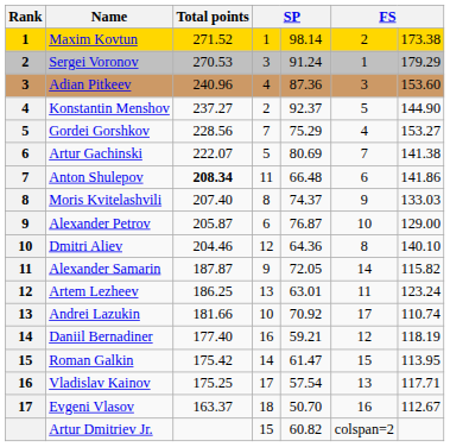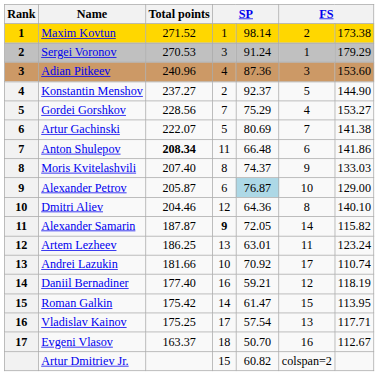 <table class="wikitable sortable">
 <tr>
 <th>Rank</th>
 <th>Name</th>
 <th>Total points</th>
 <th colspan="2" width="80px"><a href='#'>SP</a></th>
 <th colspan="2" width="80px"><a href='#'>FS</a></th>
 </tr>
 <tr bgcolor="gold">
 <td align="center"><strong>1</strong></td>
 <td><a href='#'>Maxim Kovtun</a></td>
 <td align="center">271.52</td>
 <td align="center">1</td>
 <td align="center">98.14</td>
 <td align="center">2</td>
 <td align="center">173.38</td>
 </tr>
 <tr bgcolor="silver">
 <td align="center"><strong>2</strong></td>
 <td><a href='#'>Sergei Voronov</a></td>
 <td align="center">270.53</td>
 <td align="center">3</td>
 <td align="center">91.24</td>
 <td align="center">1</td>
 <td align="center">179.29</td>
 </tr>
 <tr bgcolor="cc9966">
 <td align="center"><strong>3</strong></td>
 <td><a href='#'>Adian Pitkeev</a></td>
 <td align="center">240.96</td>
 <td align="center">4</td>
 <td align="center">87.36</td>
 <td align="center">3</td>
 <td align="center">153.60</td>
 </tr>
 <tr>
 <th>4</th>
 <td><a href='#'>Konstantin Menshov</a></td>
 <td align="center">237.27</td>
 <td align="center">2</td>
 <td align="center">92.37</td>
 <td align="center">5</td>
 <td align="center">144.90</td>
 </tr>
 <tr>
 <th>5</th>
 <td><a href='#'>Gordei Gorshkov</a></td>
 <td align="center">228.56</td>
 <td align="center">7</td>
 <td align="center">75.29</td>
 <td align="center">4</td>
 <td align="center">153.27</td>
 </tr>
 <tr>
 <th>6</th>
 <td><a href='#'>Artur Gachinski</a></td>
 <td align="center">222.07</td>
 <td align="center">5</td>
 <td align="center">80.69</td>
 <td align="center">7</td>
 <td align="center">141.38</td>
 </tr>
 <tr>
 <th>7</th>
 <td><a href='#'>Anton Shulepov</a></td>
 <td align="center"><strong>208.34</strong></td>
 <td align="center">11</td>
 <td align="center">66.48</td>
 <td align="center">6</td>
 <td align="center">141.86</td>
 </tr>
 <tr>
 <th>8</th>
 <td><a href='#'>Moris Kvitelashvili</a></td>
 <td align="center">207.40</td>
 <td align="center">8</td>
 <td align="center">74.37</td>
 <td align="center">9</td>
 <td align="center">133.03</td>
 </tr>
 <tr>
 <th>9</th>
 <td><a href='#'>Alexander Petrov</a></td>
 <td align="center">205.87</td>
 <td align="center">6</td>
-<td align="center">76.87</td>
+<td align="center" style="background: lightblue;">76.87</td>
 <td align="center">10</td>
 <td align="center">129.00</td>
 </tr>
 <tr>
 <th>10</th>
 <td><a href='#'>Dmitri Aliev</a></td>
 <td align="center">204.46</td>
 <td align="center">12</td>
 <td align="center">64.36</td>
 <td align="center">8</td>
 <td align="center">140.10</td>
 </tr>
 <tr>
 <th>11</th>
 <td><a href='#'>Alexander Samarin</a></td>
 <td align="center">187.87</td>
-<td align="center">9</td>
+<td align="center"><strong>9</strong></td>
 <td align="center">72.05</td>
 <td align="center">14</td>
 <td align="center">115.82</td>
 </tr>
 <tr>
 <th>12</th>
 <td><a href='#'>Artem Lezheev</a></td>
 <td align="center">186.25</td>
 <td align="center">13</td>
 <td align="center">63.01</td>
 <td align="center">11</td>
 <td align="center">123.24</td>
 </tr>
 <tr>
 <th>13</th>
 <td><a href='#'>Andrei Lazukin</a></td>
 <td align="center">181.66</td>
 <td align="center">10</td>
 <td align="center">70.92</td>
 <td align="center">17</td>
 <td align="center">110.74</td>
 </tr>
 <tr>
 <th>14</th>
 <td><a href='#'>Daniil Bernadiner</a></td>
 <td align="center">177.40</td>
 <td align="center">16</td>
 <td align="center">59.21</td>
 <td align="center">12</td>
 <td align="center">118.19</td>
 </tr>
 <tr>
 <th>15</th>
 <td><a href='#'>Roman Galkin</a></td>
 <td align="center">175.42</td>
 <td align="center">14</td>
 <td align="center">61.47</td>
 <td align="center">15</td>
 <td align="center">113.95</td>
 </tr>
 <tr>
 <th>16</th>
 <td><a href='#'>Vladislav Kainov</a></td>
 <td align="center">175.25</td>
 <td align="center">17</td>
 <td align="center">57.54</td>
 <td align="center">13</td>
 <td align="center">117.71</td>
 </tr>
 <tr>
 <th>17</th>
 <td><a href='#'>Evgeni Vlasov</a></td>
 <td align="center">163.37</td>
 <td align="center">18</td>
 <td align="center">50.70</td>
 <td align="center">16</td>
 <td align="center">112.67</td>
 </tr>
 <tr>
 <th></th>
 <td><a href='#'>Artur Dmitriev Jr.</a></td>
 <td></td>
 <td align="center">15</td>
 <td align="center">60.82</td>
 <td>colspan=2 </td>
 </tr>
 </table>
